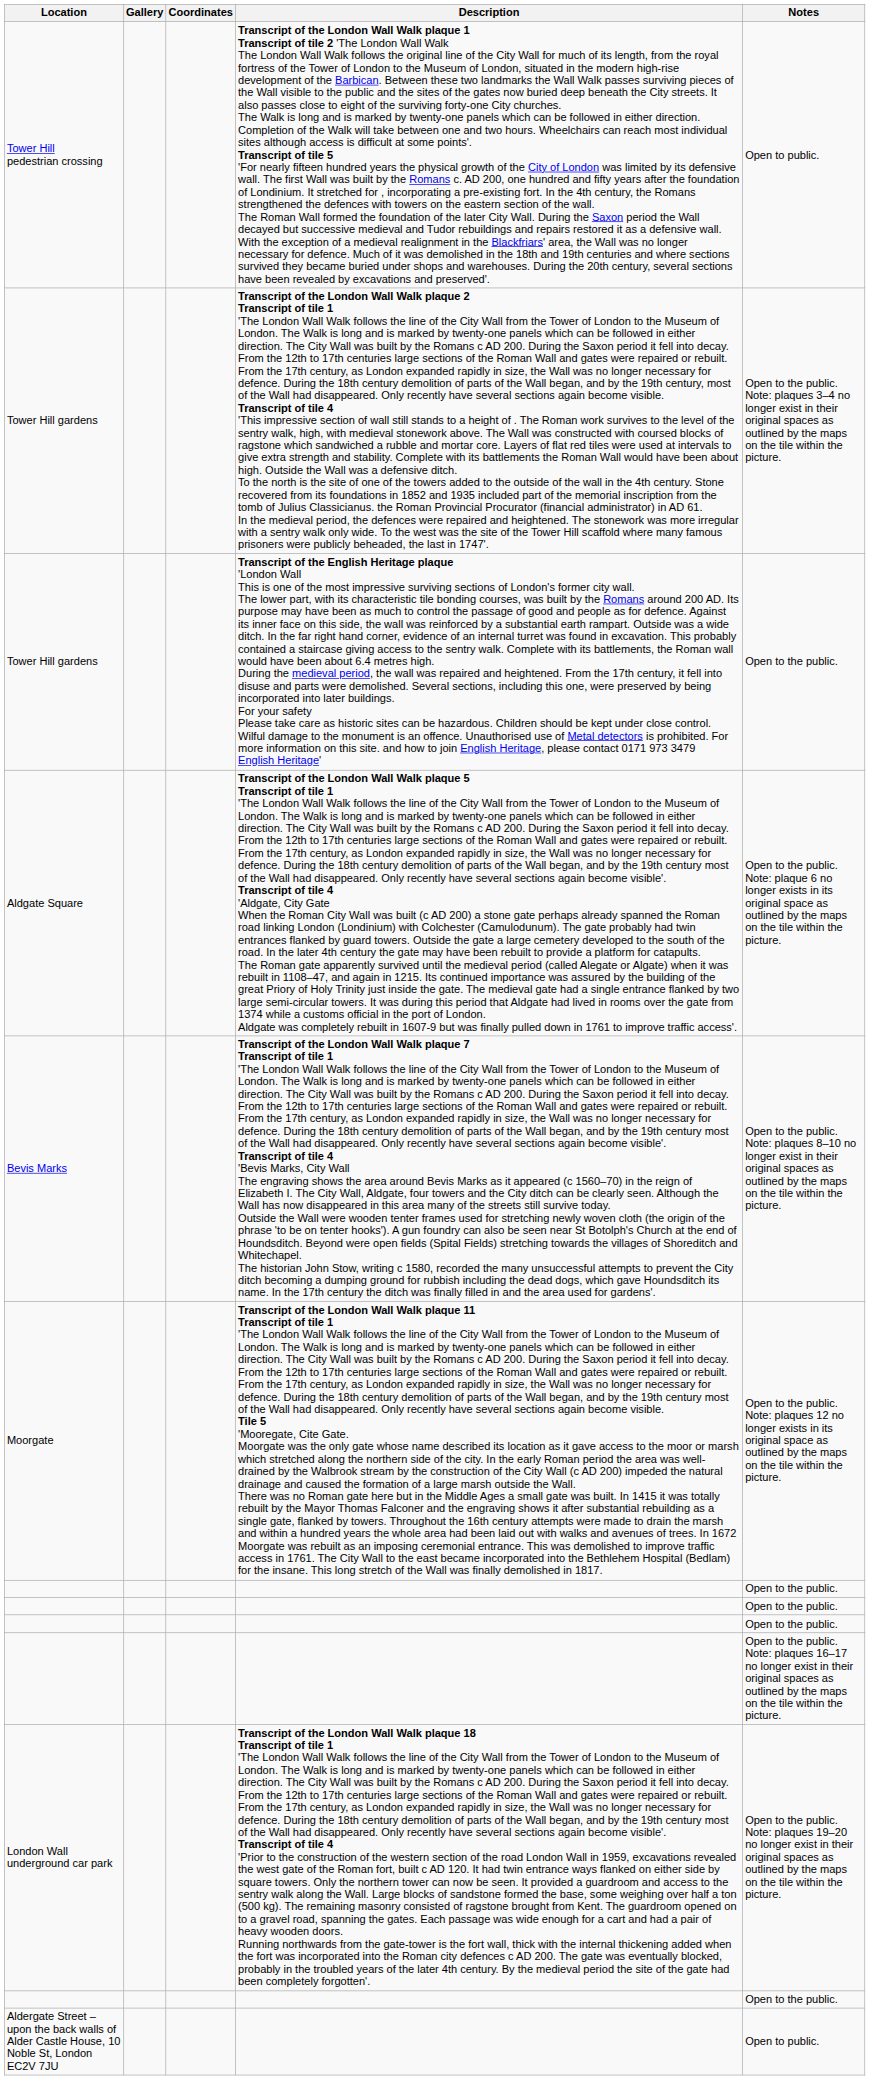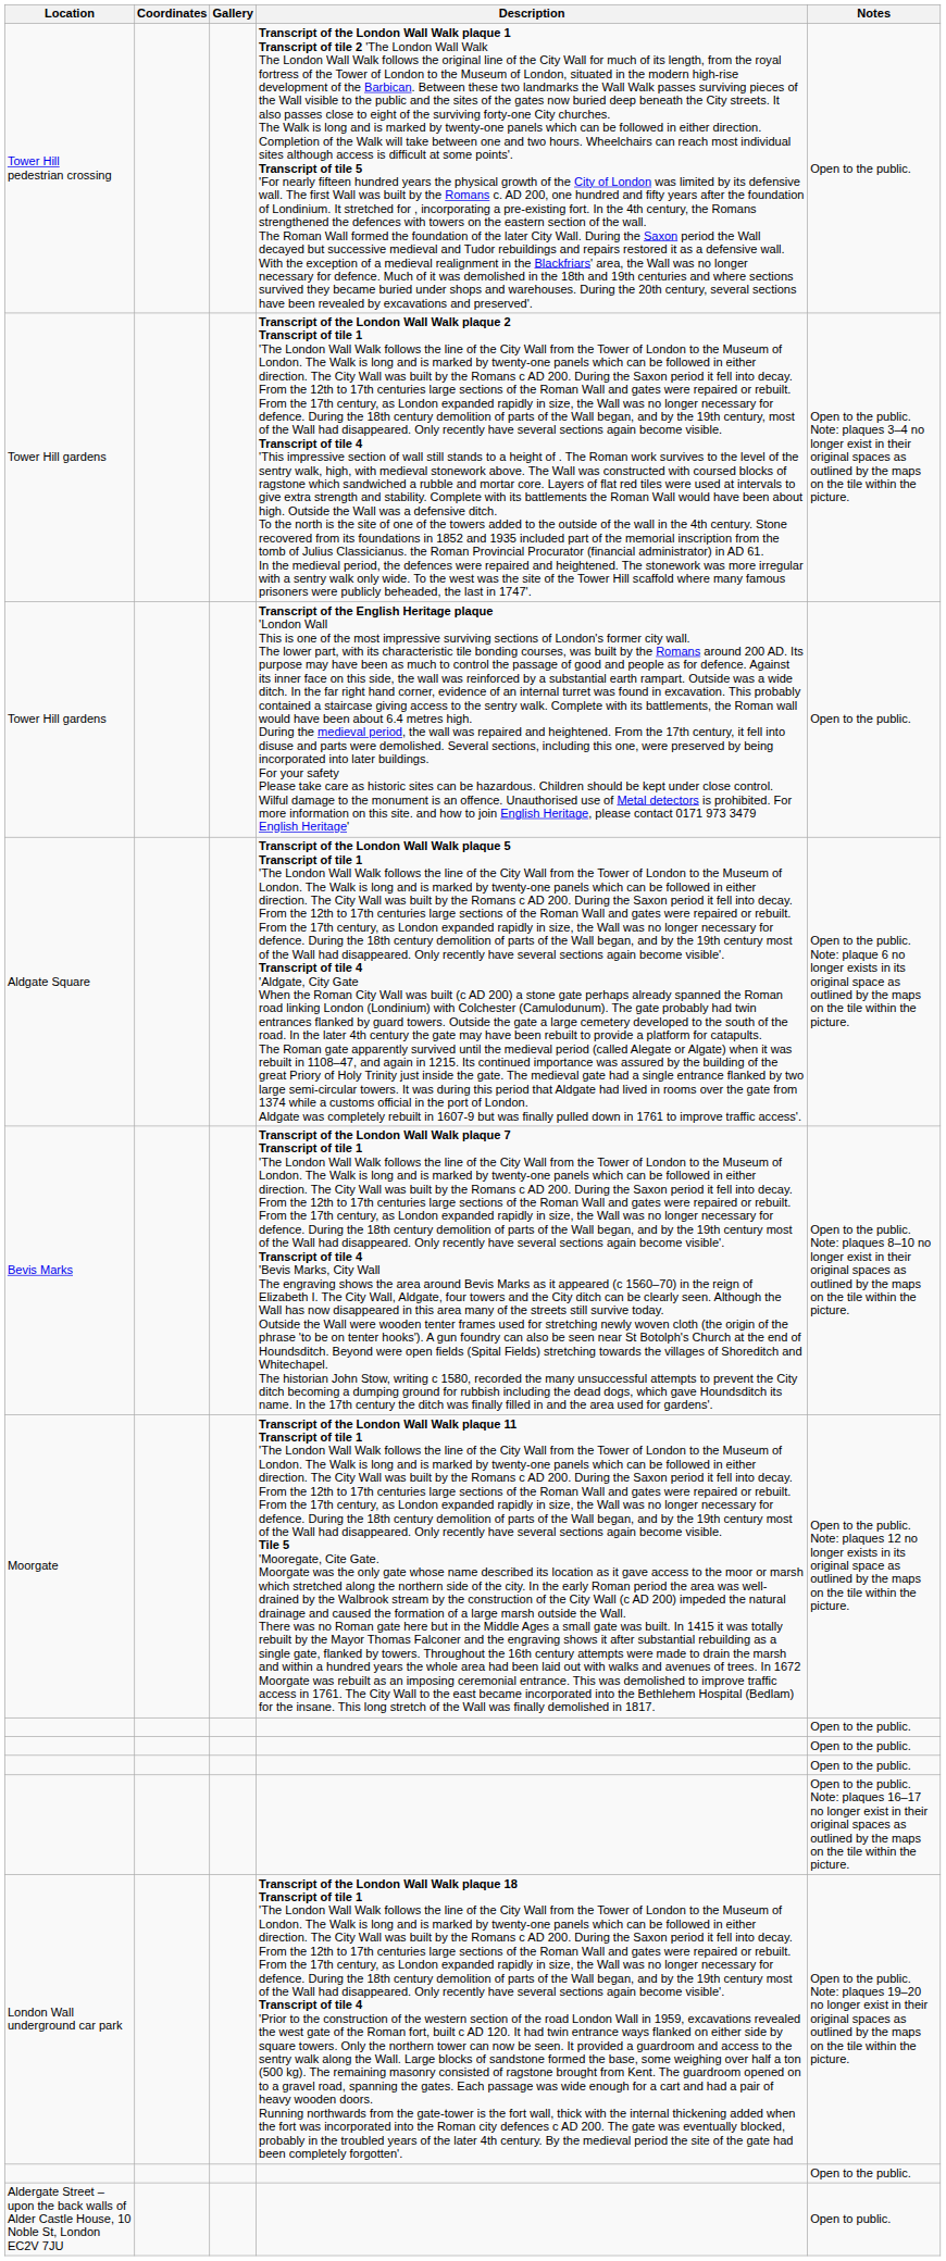 <table class="wikitable">
 <tr>
 <th>Location</th>
+<th>Coordinates</th>
 <th>Gallery</th>
-<th>Coordinates</th>
 <th>Description</th>
 <th>Notes</th>
 </tr>
 <tr>
 <td><a href='#'>Tower Hill</a><br>pedestrian crossing</td>
 <td></td>
 <td></td>
 <td><strong>Transcript of the London Wall Walk plaque 1</strong><br><strong>Transcript of tile 2</strong> 'The London Wall Walk<br>The London Wall Walk follows the original line of the City Wall for much of its length, from the royal fortress of the Tower of London to the Museum of London, situated in the modern high-rise development of the <a href='#'>Barbican</a>. Between these two landmarks the Wall Walk passes surviving pieces of the Wall visible to the public and the sites of the gates now buried deep beneath the City streets. It also passes close to eight of the surviving forty-one City churches.<br>The Walk is  long and is marked by twenty-one panels which can be followed in either direction. Completion of the Walk will take between one and two hours. Wheelchairs can reach most individual sites although access is difficult at some points'.<br><strong>Transcript of tile 5</strong><br>'For nearly fifteen hundred years the physical growth of the <a href='#'>City of London</a> was limited by its defensive wall. The first Wall was built by the <a href='#'>Romans</a> c. AD 200, one hundred and fifty years after the foundation of Londinium. It stretched for , incorporating a pre-existing fort. In the 4th century, the Romans strengthened the defences with towers on the eastern section of the wall.<br>The Roman Wall formed the foundation of the later City Wall. During the <a href='#'>Saxon</a> period the Wall decayed but successive medieval and Tudor rebuildings and repairs restored it as a defensive wall. With the exception of a medieval realignment in the <a href='#'>Blackfriars</a>' area, the Wall was no longer necessary for defence. Much of it was demolished in the 18th and 19th centuries and where sections survived they became buried under shops and warehouses. During the 20th century, several sections have been revealed by excavations and preserved'.</td>
-<td>Open to public.</td>
+<td>Open to the public.</td>
 </tr>
 <tr>
 <td>Tower Hill gardens</td>
 <td></td>
 <td></td>
 <td><strong>Transcript of the London Wall Walk plaque 2</strong><br><strong>Transcript of tile 1</strong><br>'The London Wall Walk follows the line of the City Wall from the Tower of London to the Museum of London. The Walk is  long and is marked by twenty-one panels which can be followed in either direction. The City Wall was built by the Romans c AD 200. During the Saxon period it fell into decay. From the 12th to 17th centuries large sections of the Roman Wall and gates were repaired or rebuilt. From the 17th century, as London expanded rapidly in size, the Wall was no longer necessary for defence. During the 18th century demolition of parts of the Wall began, and by the 19th century, most of the Wall had disappeared. Only recently have several sections again become visible.<br><strong>Transcript of tile 4</strong><br>'This impressive section of wall still stands to a height of . The Roman work survives to the level of the sentry walk,  high, with medieval stonework above. The Wall was constructed with coursed blocks of ragstone which sandwiched a rubble and mortar core. Layers of flat red tiles were used at intervals to give extra strength and stability. Complete with its battlements the Roman Wall would have been about  high. Outside the Wall was a defensive ditch.<br>To the north is the site of one of the towers added to the outside of the wall in the 4th century. Stone recovered from its foundations in 1852 and 1935 included part of the memorial inscription from the tomb of Julius Classicianus. the Roman Provincial Procurator (financial administrator) in AD 61.<br>In the medieval period, the defences were repaired and heightened. The stonework was more irregular with a sentry walk only  wide. To the west was the site of the Tower Hill scaffold where many famous prisoners were publicly beheaded, the last in 1747'.</td>
 <td>Open to the public. Note: plaques 3–4 no longer exist in their original spaces as outlined by the maps on the tile within the picture.</td>
 </tr>
 <tr>
 <td>Tower Hill gardens</td>
 <td></td>
 <td></td>
 <td><strong>Transcript of the English Heritage plaque</strong><br>'London Wall<br>This is one of the most impressive surviving sections of London's former city wall.<br>The lower part, with its characteristic tile bonding courses, was built by the <a href='#'>Romans</a> around 200 AD. Its purpose may have been as much to control the passage of good and people as for defence. Against its inner face on this side, the wall was reinforced by a substantial earth rampart. Outside was a wide ditch. In the far right hand corner, evidence of an internal turret was found in excavation. This probably contained a staircase giving access to the sentry walk. Complete with its battlements, the Roman wall would have been about 6.4 metres high.<br>During the <a href='#'>medieval period</a>, the wall was repaired and heightened. From the 17th century, it fell into disuse and parts were demolished. Several sections, including this one, were preserved by being incorporated into later buildings.<br>For your safety<br>Please take care as historic sites can be hazardous. Children should be kept under close control. Wilful damage to the monument is an offence. Unauthorised use of <a href='#'>Metal detectors</a> is prohibited. For more information on this site. and how to join <a href='#'>English Heritage</a>, please contact 0171 973 3479<br><a href='#'>English Heritage</a>'</td>
 <td>Open to the public.</td>
 </tr>
 <tr>
 <td>Aldgate Square</td>
 <td></td>
 <td></td>
 <td><strong>Transcript of the London Wall Walk plaque 5</strong><br><strong>Transcript of tile 1</strong><br>'The London Wall Walk follows the line of the City Wall from the Tower of London to the Museum of London. The Walk is  long and is marked by twenty-one panels which can be followed in either direction. The City Wall was built by the Romans c AD 200. During the Saxon period it fell into decay. From the 12th to 17th centuries large sections of the Roman Wall and gates were repaired or rebuilt. From the 17th century, as London expanded rapidly in size, the Wall was no longer necessary for defence. During the 18th century demolition of parts of the Wall began, and by the 19th century most of the Wall had disappeared. Only recently have several sections again become visible'.<br><strong>Transcript of tile 4</strong><br>'Aldgate, City Gate<br>When the Roman City Wall was built (c AD 200) a stone gate perhaps already spanned the Roman road linking London (Londinium) with Colchester (Camulodunum). The gate probably had twin entrances flanked by guard towers. Outside the gate a large cemetery developed to the south of the road. In the later 4th century the gate may have been rebuilt to provide a platform for catapults.<br>The Roman gate apparently survived until the medieval period (called Alegate or Algate) when it was rebuilt in 1108–47, and again in 1215. Its continued importance was assured by the building of the great Priory of Holy Trinity just inside the gate. The medieval gate had a single entrance flanked by two large semi-circular towers. It was during this period that Aldgate had lived in rooms over the gate from 1374 while a customs official in the port of London.<br>Aldgate was completely rebuilt in 1607-9 but was finally pulled down in 1761 to improve traffic access'.</td>
 <td>Open to the public. Note: plaque 6 no longer exists in its original space as outlined by the maps on the tile within the picture.</td>
 </tr>
 <tr>
 <td><a href='#'>Bevis Marks</a></td>
 <td></td>
 <td></td>
 <td><strong>Transcript of the London Wall Walk plaque 7</strong><br><strong>Transcript of tile 1</strong><br>'The London Wall Walk follows the line of the City Wall from the Tower of London to the Museum of London. The Walk is  long and is marked by twenty-one panels which can be followed in either direction. The City Wall was built by the Romans c AD 200. During the Saxon period it fell into decay. From the 12th to 17th centuries large sections of the Roman Wall and gates were repaired or rebuilt. From the 17th century, as London expanded rapidly in size, the Wall was no longer necessary for defence. During the 18th century demolition of parts of the Wall began, and by the 19th century most of the Wall had disappeared. Only recently have several sections again become visible'.<br><strong>Transcript of tile 4</strong><br>'Bevis Marks, City Wall<br>The engraving shows the area around Bevis Marks as it appeared (c 1560–70) in the reign of Elizabeth I. The City Wall, Aldgate, four towers and the City ditch can be clearly seen. Although the Wall has now disappeared in this area many of the streets still survive today.<br>Outside the Wall were wooden tenter frames used for stretching newly woven cloth (the origin of the phrase 'to be on tenter hooks'). A gun foundry can also be seen near St Botolph's Church at the end of Houndsditch. Beyond were open fields (Spital Fields) stretching towards the villages of Shoreditch and Whitechapel.<br>The historian John Stow, writing c 1580, recorded the many unsuccessful attempts to prevent the City ditch becoming a dumping ground for rubbish including the dead dogs, which gave Houndsditch its name. In the 17th century the ditch was finally filled in and the area used for gardens'.</td>
 <td>Open to the public. Note: plaques 8–10 no longer exist in their original spaces as outlined by the maps on the tile within the picture.</td>
 </tr>
 <tr>
 <td>Moorgate</td>
+<td></td>
 <td><br></td>
-<td></td>
 <td><strong>Transcript of the London Wall Walk plaque 11</strong><br><strong>Transcript of tile 1</strong><br>'The London Wall Walk follows the line of the City Wall from the Tower of London to the Museum of London. The Walk is  long and is marked by twenty-one panels which can be followed in either direction. The City Wall was built by the Romans c AD 200. During the Saxon period it fell into decay. From the 12th to 17th centuries large sections of the Roman Wall and gates were repaired or rebuilt. From the 17th century, as London expanded rapidly in size, the Wall was no longer necessary for defence. During the 18th century demolition of parts of the Wall began, and by the 19th century most of the Wall had disappeared. Only recently have several sections again become visible.<br><strong>Tile 5</strong><br>'Mooregate, Cite Gate.<br>Moorgate was the only gate whose name described its location as it gave access to the moor or marsh which stretched along the northern side of the city. In the early Roman period the area was well-drained by the Walbrook stream by the construction of the City Wall (c AD 200) impeded the natural drainage and caused the formation of a large marsh outside the Wall.<br>There was no Roman gate here but in the Middle Ages a small gate was built. In 1415 it was totally rebuilt by the Mayor Thomas Falconer and the engraving shows it after substantial rebuilding as a single gate, flanked by towers. Throughout the 16th century attempts were made to drain the marsh and within a hundred years the whole area had been laid out with walks and avenues of trees. In 1672 Moorgate was rebuilt as an imposing ceremonial entrance. This was demolished to improve traffic access in 1761. The City Wall to the east became incorporated into the Bethlehem Hospital (Bedlam) for the insane. This long stretch of the Wall was finally demolished in 1817.</td>
 <td>Open to the public. Note: plaques 12 no longer exists in its original space as outlined by the maps on the tile within the picture.</td>
 </tr>
 <tr>
 <td></td>
+<td></td>
 <td><br></td>
-<td></td>
 <td></td>
 <td>Open to the public.</td>
 </tr>
 <tr>
 <td></td>
+<td></td>
 <td><br></td>
-<td></td>
 <td></td>
 <td>Open to the public.</td>
 </tr>
 <tr>
 <td></td>
+<td></td>
 <td><br></td>
-<td></td>
 <td></td>
 <td>Open to the public.</td>
 </tr>
 <tr>
 <td></td>
 <td></td>
 <td></td>
 <td></td>
 <td>Open to the public. Note: plaques 16–17 no longer exist in their original spaces as outlined by the maps on the tile within the picture.</td>
 </tr>
 <tr>
 <td>London Wall underground car park</td>
 <td></td>
 <td></td>
 <td><strong>Transcript of the London Wall Walk plaque 18</strong><br><strong>Transcript of tile 1</strong><br>'The London Wall Walk follows the line of the City Wall from the Tower of London to the Museum of London. The Walk is  long and is marked by twenty-one panels which can be followed in either direction. The City Wall was built by the Romans c AD 200. During the Saxon period it fell into decay. From the 12th to 17th centuries large sections of the Roman Wall and gates were repaired or rebuilt. From the 17th century, as London expanded rapidly in size, the Wall was no longer necessary for defence. During the 18th century demolition of parts of the Wall began, and by the 19th century most of the Wall had disappeared. Only recently have several sections again become visible'.<br><strong>Transcript of tile 4</strong><br>'Prior to the construction of the western section of the road London Wall in 1959, excavations revealed the west gate of the Roman fort, built c AD 120. It had twin entrance ways flanked on either side by square towers. Only the northern tower can now be seen. It provided a guardroom and access to the sentry walk along the Wall. Large blocks of sandstone formed the base, some weighing over half a ton (500 kg). The remaining masonry consisted of ragstone brought from Kent. The guardroom opened on to a gravel road, spanning the gates. Each passage was wide enough for a cart and had a pair of heavy wooden doors.<br>Running northwards from the gate-tower is the fort wall,  thick with the internal thickening added when the fort was incorporated into the Roman city defences c AD 200. The gate was eventually blocked, probably in the troubled years of the later 4th century. By the medieval period the site of the gate had been completely forgotten'.</td>
 <td>Open to the public. Note: plaques 19–20 no longer exist in their original spaces as outlined by the maps on the tile within the picture.</td>
 </tr>
 <tr>
 <td></td>
 <td></td>
 <td></td>
 <td></td>
 <td>Open to the public.</td>
 </tr>
 <tr>
 <td>Aldergate Street – upon the back walls of Alder Castle House, 10 Noble St, London EC2V 7JU</td>
 <td></td>
 <td></td>
 <td></td>
 <td>Open to public.</td>
 </tr>
 </table>
